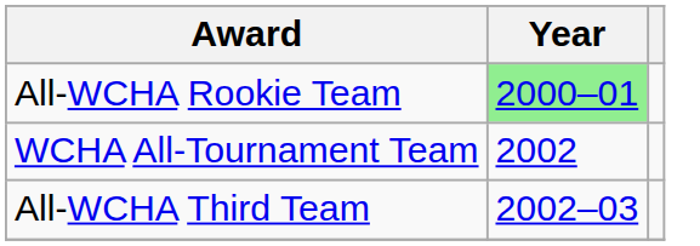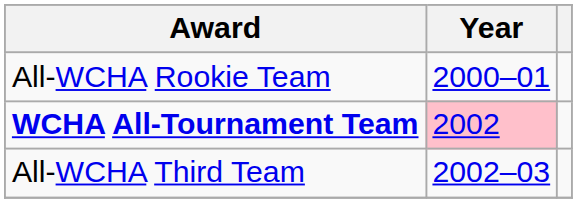 <table class="wikitable">
 <tr>
 <th>Award</th>
 <th>Year</th>
 <th></th>
 </tr>
 <tr>
 <td>All-<a href='#'>WCHA</a> <a href='#'>Rookie Team</a></td>
-<td style="background: lightgreen;"><a href='#'>2000–01</a></td>
+<td><a href='#'>2000–01</a></td>
 <td></td>
 </tr>
 <tr>
-<td><a href='#'>WCHA</a> <a href='#'>All-Tournament Team</a></td>
-<td><a href='#'>2002</a></td>
+<td><strong><a href='#'>WCHA</a> <a href='#'>All-Tournament Team</a></strong></td>
+<td style="background: pink;"><a href='#'>2002</a></td>
 <td></td>
 </tr>
 <tr>
 <td>All-<a href='#'>WCHA</a> <a href='#'>Third Team</a></td>
 <td><a href='#'>2002–03</a></td>
 <td></td>
 </tr>
 <tr>
 </tr>
 </table>
